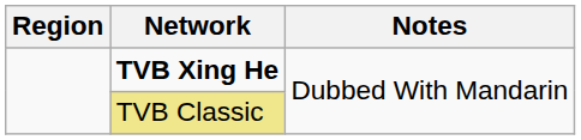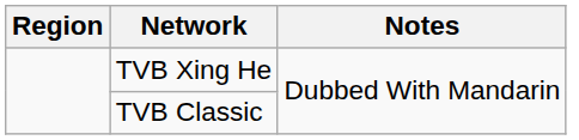 <table class="wikitable">
 <tr>
 <th>Region</th>
 <th>Network</th>
 <th>Notes</th>
 </tr>
 <tr>
 <td rowspan="2"></td>
-<td><strong>TVB Xing He</strong></td>
+<td>TVB Xing He</td>
 <td rowspan="2">Dubbed With Mandarin</td>
 </tr>
 <tr>
-<td style="background: khaki;">TVB Classic</td>
+<td>TVB Classic</td>
 </tr>
 </table>
